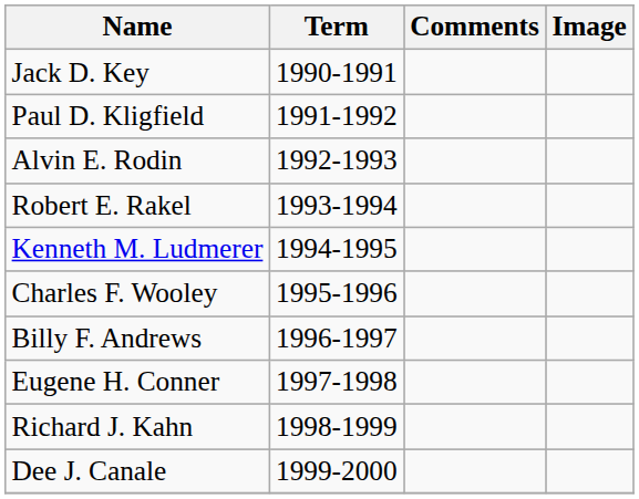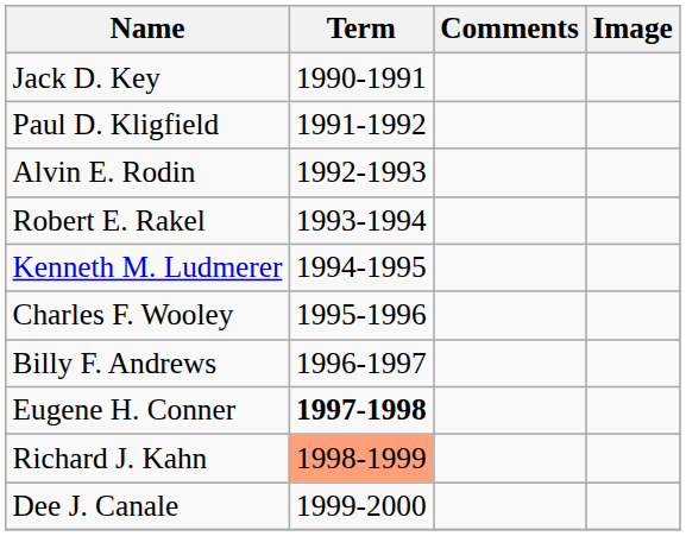 <table class="wikitable">
 <tr>
 <th>Name</th>
 <th>Term</th>
 <th>Comments</th>
 <th>Image</th>
 </tr>
 <tr>
 <td>Jack D. Key</td>
 <td>1990-1991</td>
 <td></td>
 <td></td>
 </tr>
 <tr>
 <td>Paul D. Kligfield</td>
 <td>1991-1992</td>
 <td></td>
 <td></td>
 </tr>
 <tr>
 <td>Alvin E. Rodin</td>
 <td>1992-1993</td>
 <td></td>
 <td></td>
 </tr>
 <tr>
 <td>Robert E. Rakel</td>
 <td>1993-1994</td>
 <td></td>
 <td></td>
 </tr>
 <tr>
 <td><a href='#'>Kenneth M. Ludmerer</a></td>
 <td>1994-1995</td>
 <td></td>
 <td></td>
 </tr>
 <tr>
 <td>Charles F. Wooley</td>
 <td>1995-1996</td>
 <td></td>
 <td></td>
 </tr>
 <tr>
 <td>Billy F. Andrews</td>
 <td>1996-1997</td>
 <td></td>
 <td></td>
 </tr>
 <tr>
 <td>Eugene H. Conner</td>
-<td>1997-1998</td>
+<td><strong>1997-1998</strong></td>
 <td></td>
 <td></td>
 </tr>
 <tr>
 <td>Richard J. Kahn</td>
-<td>1998-1999</td>
+<td style="background: lightsalmon;">1998-1999</td>
 <td></td>
 <td></td>
 </tr>
 <tr>
 <td>Dee J. Canale</td>
 <td>1999-2000</td>
 <td></td>
 <td></td>
 </tr>
 <tr>
 </tr>
 </table>
